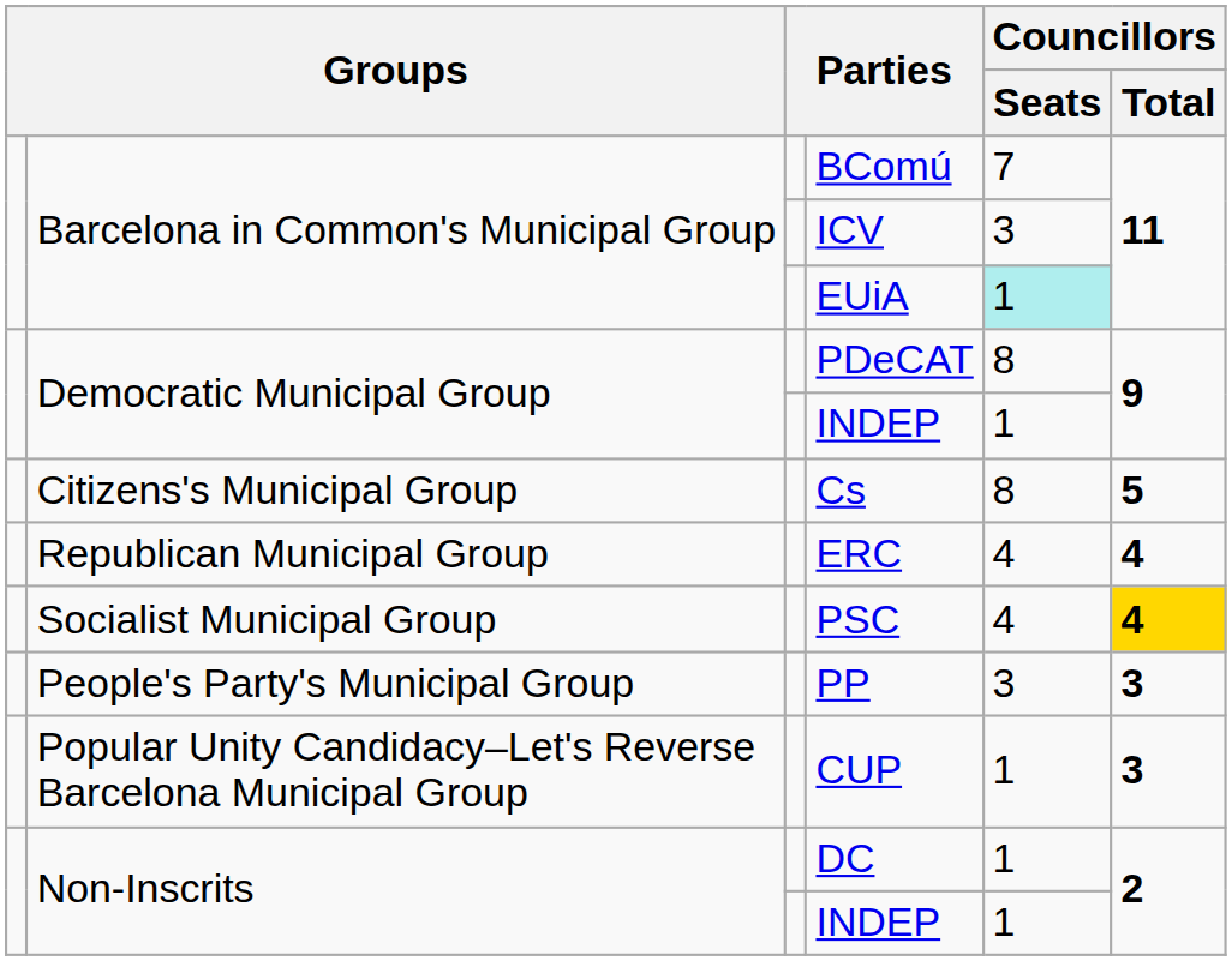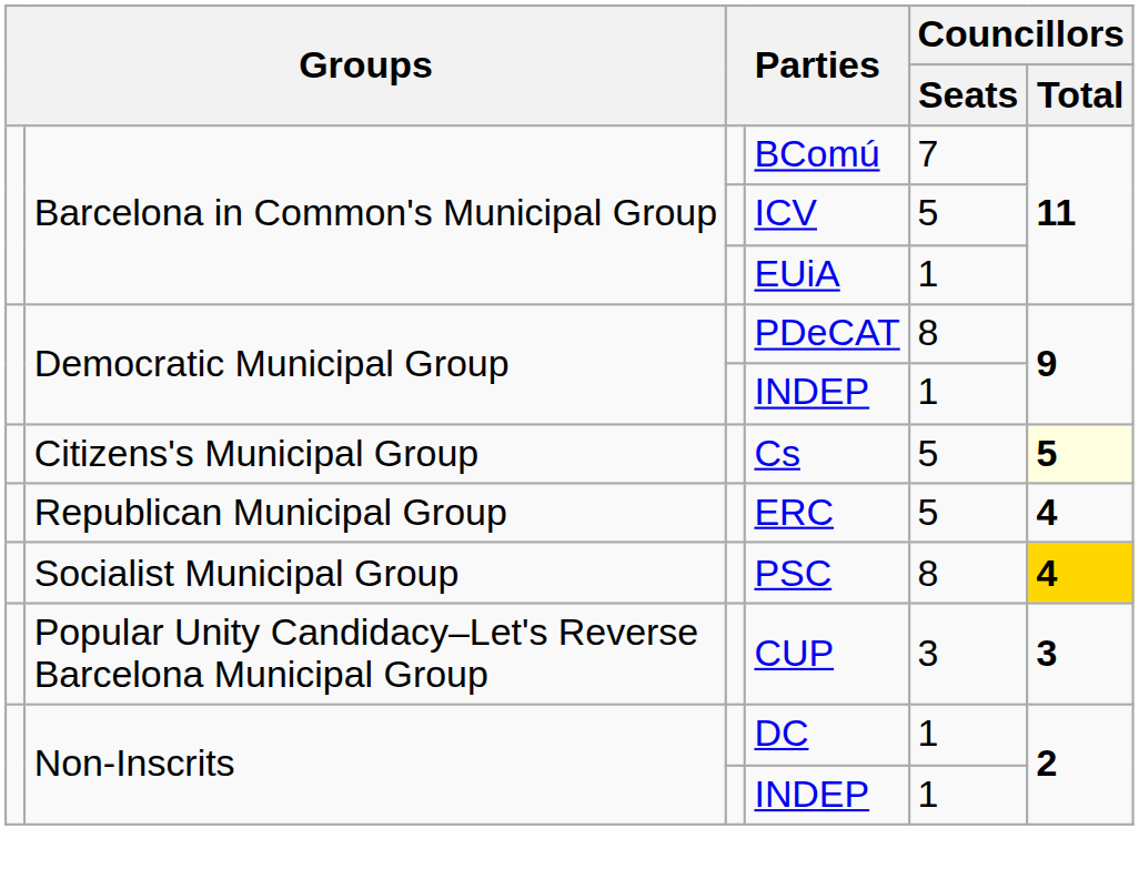 <table class="wikitable" style="text-align:left;">
 <tr>
 <th rowspan="2" colspan="2">Groups</th>
 <th rowspan="2" colspan="2">Parties</th>
 <th colspan="2">Councillors</th>
 </tr>
 <tr>
 <th>Seats</th>
 <th>Total</th>
 </tr>
 <tr>
 <td rowspan="3" width="1"></td>
 <td rowspan="3">Barcelona in Common's Municipal Group</td>
 <td width="1" style="color:inherit;background:"></td>
 <td><a href='#'>BComú</a></td>
 <td>7</td>
 <td rowspan="3"><strong>11</strong></td>
 </tr>
 <tr>
 <td style="color:inherit;background:"></td>
 <td><a href='#'>ICV</a></td>
-<td>3</td>
+<td>5</td>
 </tr>
 <tr>
 <td style="color:inherit;background:"></td>
 <td><a href='#'>EUiA</a></td>
-<td style="background: paleturquoise;">1</td>
+<td>1</td>
 </tr>
 <tr>
 <td rowspan="2" style="color:inherit;background:"></td>
 <td rowspan="2">Democratic Municipal Group</td>
 <td style="color:inherit;background:"></td>
 <td><a href='#'>PDeCAT</a></td>
 <td>8</td>
 <td rowspan="2"><strong>9</strong></td>
 </tr>
 <tr>
 <td style="color:inherit;background:"></td>
 <td><a href='#'>INDEP</a></td>
 <td>1</td>
 </tr>
 <tr>
 <td style="color:inherit;background:"></td>
 <td>Citizens's Municipal Group</td>
 <td style="color:inherit;background:"></td>
 <td><a href='#'>Cs</a></td>
-<td>8</td>
-<td><strong>5</strong></td>
+<td>5</td>
+<td style="background: lightyellow;"><strong>5</strong></td>
 </tr>
 <tr>
 <td style="color:inherit;background:"></td>
 <td>Republican Municipal Group</td>
 <td style="color:inherit;background:"></td>
 <td><a href='#'>ERC</a></td>
-<td>4</td>
+<td>5</td>
 <td><strong>4</strong></td>
 </tr>
 <tr>
 <td style="color:inherit;background:"></td>
 <td>Socialist Municipal Group</td>
 <td style="color:inherit;background:"></td>
 <td><a href='#'>PSC</a></td>
-<td>4</td>
+<td>8</td>
 <td style="background: gold;"><strong>4</strong></td>
-</tr>
-<tr>
-<td style="color:inherit;background:"></td>
-<td>People's Party's Municipal Group</td>
-<td style="color:inherit;background:"></td>
-<td><a href='#'>PP</a></td>
-<td>3</td>
-<td><strong>3</strong></td>
 </tr>
 <tr>
 <td style="color:inherit;background:"></td>
 <td>Popular Unity Candidacy–Let's Reverse<br>Barcelona Municipal Group</td>
 <td style="color:inherit;background:"></td>
 <td><a href='#'>CUP</a></td>
-<td>1</td>
+<td>3</td>
 <td><strong>3</strong></td>
 </tr>
 <tr>
 <td rowspan="2" style="color:inherit;background:"></td>
 <td rowspan="2">Non-Inscrits</td>
 <td style="color:inherit;background:"></td>
 <td><a href='#'>DC</a></td>
 <td>1</td>
 <td rowspan="2"><strong>2</strong></td>
 </tr>
 <tr>
 <td style="color:inherit;background:"></td>
 <td><a href='#'>INDEP</a></td>
 <td>1</td>
 </tr>
 </table>
